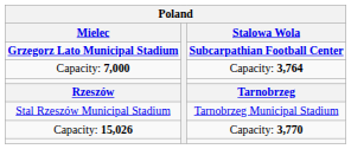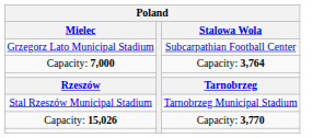 <table class="wikitable" style="text-align: center;">
 <tr>
 <th colspan="3">Poland</th>
 </tr>
 <tr>
 <th><a href='#'>Mielec</a></th>
 <th rowspan="8"></th>
 <th><a href='#'>Stalowa Wola</a></th>
 </tr>
 <tr>
-<td><strong><a href='#'>Grzegorz Lato Municipal Stadium</a></strong></td>
-<td><strong><a href='#'>Subcarpathian Football Center</a></strong></td>
+<td><a href='#'>Grzegorz Lato Municipal Stadium</a></td>
+<td><a href='#'>Subcarpathian Football Center</a></td>
 </tr>
 <tr>
 <td>Capacity: <strong>7,000</strong></td>
 <td>Capacity: <strong>3,764</strong></td>
 </tr>
 <tr>
 <td></td>
 <td></td>
 </tr>
 <tr>
 <th><a href='#'>Rzeszów</a></th>
 <th><a href='#'>Tarnobrzeg</a></th>
 </tr>
 <tr>
 <td><a href='#'>Stal Rzeszów Municipal Stadium</a></td>
 <td><a href='#'>Tarnobrzeg Municipal Stadium</a></td>
 </tr>
 <tr>
 <td>Capacity: <strong>15,026</strong></td>
 <td>Capacity: <strong>3,770</strong></td>
 </tr>
 <tr>
 <td></td>
 <td></td>
 </tr>
 </table>
